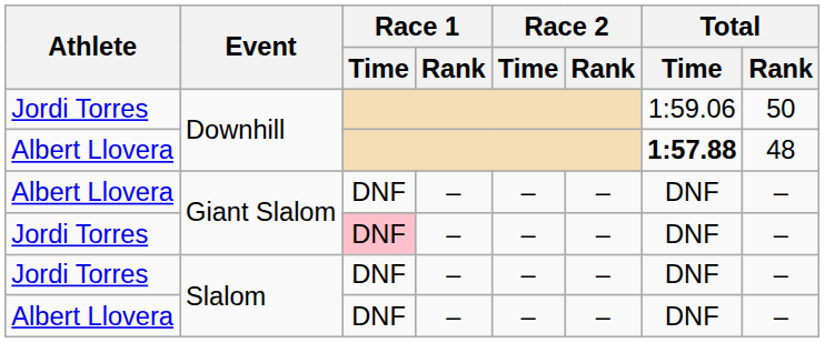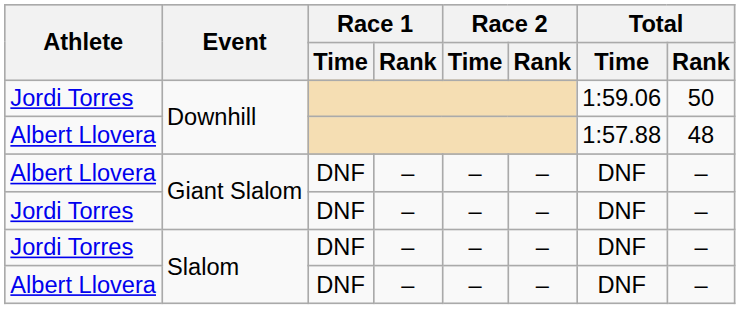 <table class="wikitable" style="font-size:90%">
 <tr>
 <th rowspan="2">Athlete</th>
 <th rowspan="2">Event</th>
 <th colspan="2">Race 1</th>
 <th colspan="2">Race 2</th>
 <th colspan="2">Total</th>
 </tr>
 <tr>
 <th>Time</th>
 <th>Rank</th>
 <th>Time</th>
 <th>Rank</th>
 <th>Time</th>
 <th>Rank</th>
 </tr>
 <tr>
 <td><a href='#'>Jordi Torres</a></td>
 <td rowspan="2">Downhill</td>
 <td colspan="4" bgcolor="wheat"></td>
 <td align="center">1:59.06</td>
 <td align="center">50</td>
 </tr>
 <tr>
 <td><a href='#'>Albert Llovera</a></td>
 <td colspan="4" bgcolor="wheat"></td>
-<td align="center"><strong>1:57.88</strong></td>
+<td align="center">1:57.88</td>
 <td align="center">48</td>
 </tr>
 <tr>
 <td><a href='#'>Albert Llovera</a></td>
 <td rowspan="2">Giant Slalom</td>
 <td align="center">DNF</td>
 <td align="center">–</td>
 <td align="center">–</td>
 <td align="center">–</td>
 <td align="center">DNF</td>
 <td align="center">–</td>
 </tr>
 <tr>
 <td><a href='#'>Jordi Torres</a></td>
-<td align="center" style="background: pink;">DNF</td>
+<td align="center">DNF</td>
 <td align="center">–</td>
 <td align="center">–</td>
 <td align="center">–</td>
 <td align="center">DNF</td>
 <td align="center">–</td>
 </tr>
 <tr>
 <td><a href='#'>Jordi Torres</a></td>
 <td rowspan="2">Slalom</td>
 <td align="center">DNF</td>
 <td align="center">–</td>
 <td align="center">–</td>
 <td align="center">–</td>
 <td align="center">DNF</td>
 <td align="center">–</td>
 </tr>
 <tr>
 <td><a href='#'>Albert Llovera</a></td>
 <td align="center">DNF</td>
 <td align="center">–</td>
 <td align="center">–</td>
 <td align="center">–</td>
 <td align="center">DNF</td>
 <td align="center">–</td>
 </tr>
 </table>
